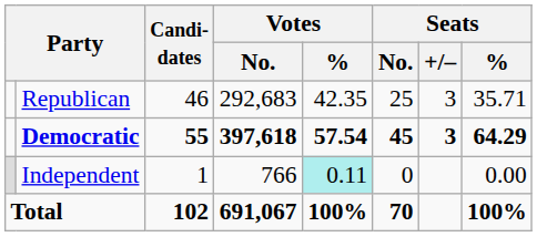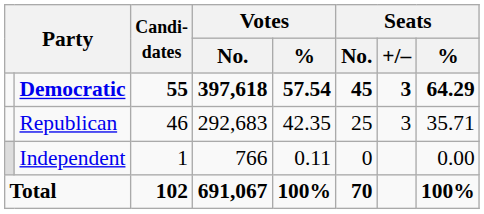 <table class="wikitable" style="font-size:100%; text-align:right;">
 <tr>
 <th colspan=2 rowspan=2>Party</th>
 <th rowspan=2><small>Candi-<br>dates</small></th>
 <th colspan=2>Votes</th>
 <th colspan=3>Seats</th>
 </tr>
 <tr>
 <th>No.</th>
 <th>%</th>
 <th>No.</th>
 <th>+/–</th>
 <th>%</th>
 </tr>
 <tr>
 <td style="background:"></td>
+<td align=left><strong><a href='#'>Democratic</a></strong></td>
+<td><strong>55</strong></td>
+<td><strong>397,618</strong></td>
+<td><strong>57.54</strong></td>
+<td><strong>45</strong></td>
+<td><strong>3</strong></td>
+<td><strong>64.29</strong></td>
+</tr>
+<tr>
+<td style="background:"></td>
 <td align=left><a href='#'>Republican</a></td>
 <td>46</td>
 <td>292,683</td>
 <td>42.35</td>
 <td>25</td>
 <td>3</td>
 <td>35.71</td>
 </tr>
 <tr>
-<td style="background:"></td>
-<td align=left><strong><a href='#'>Democratic</a></strong></td>
-<td><strong>55</strong></td>
-<td><strong>397,618</strong></td>
-<td><strong>57.54</strong></td>
-<td><strong>45</strong></td>
-<td><strong>3</strong></td>
-<td><strong>64.29</strong></td>
-</tr>
-<tr>
 <td style="background:#ddd;"></td>
 <td align=left><a href='#'>Independent</a></td>
 <td>1</td>
 <td>766</td>
-<td style="background: paleturquoise;">0.11</td>
+<td>0.11</td>
 <td>0</td>
 <td></td>
 <td>0.00</td>
 </tr>
 <tr style="font-weight:bold">
 <td colspan=2 align=left>Total</td>
 <td>102</td>
 <td>691,067</td>
 <td>100%</td>
 <td>70</td>
 <td></td>
 <td>100%</td>
 </tr>
 </table>
